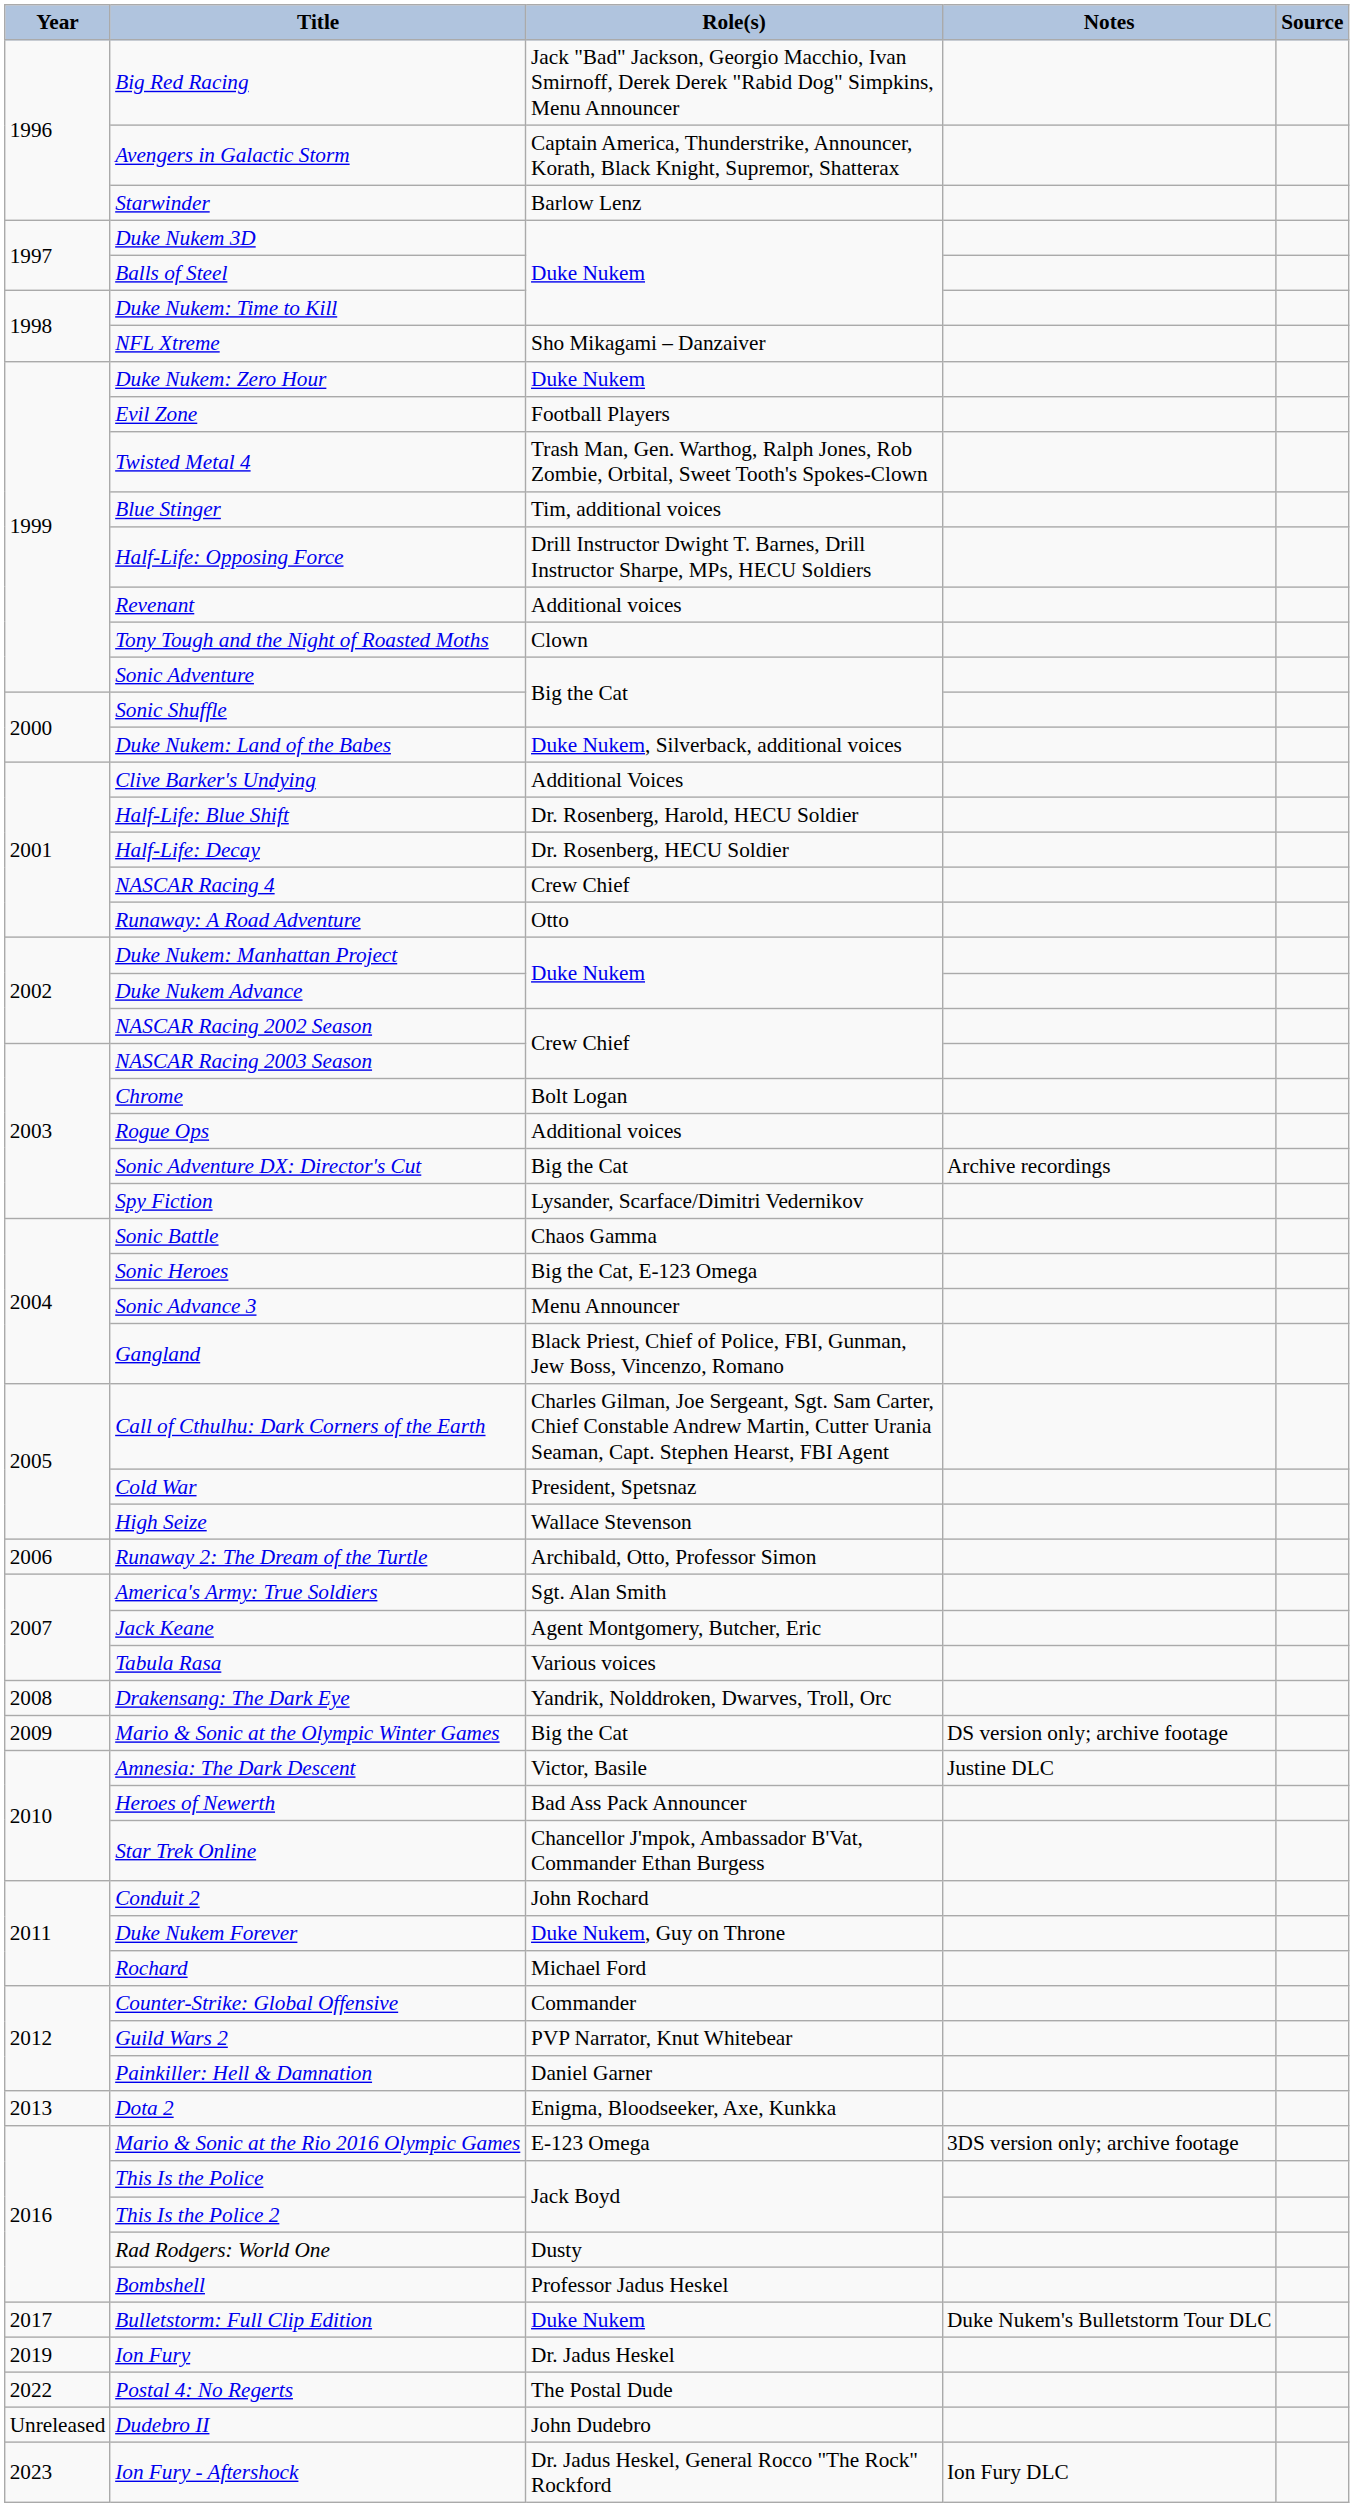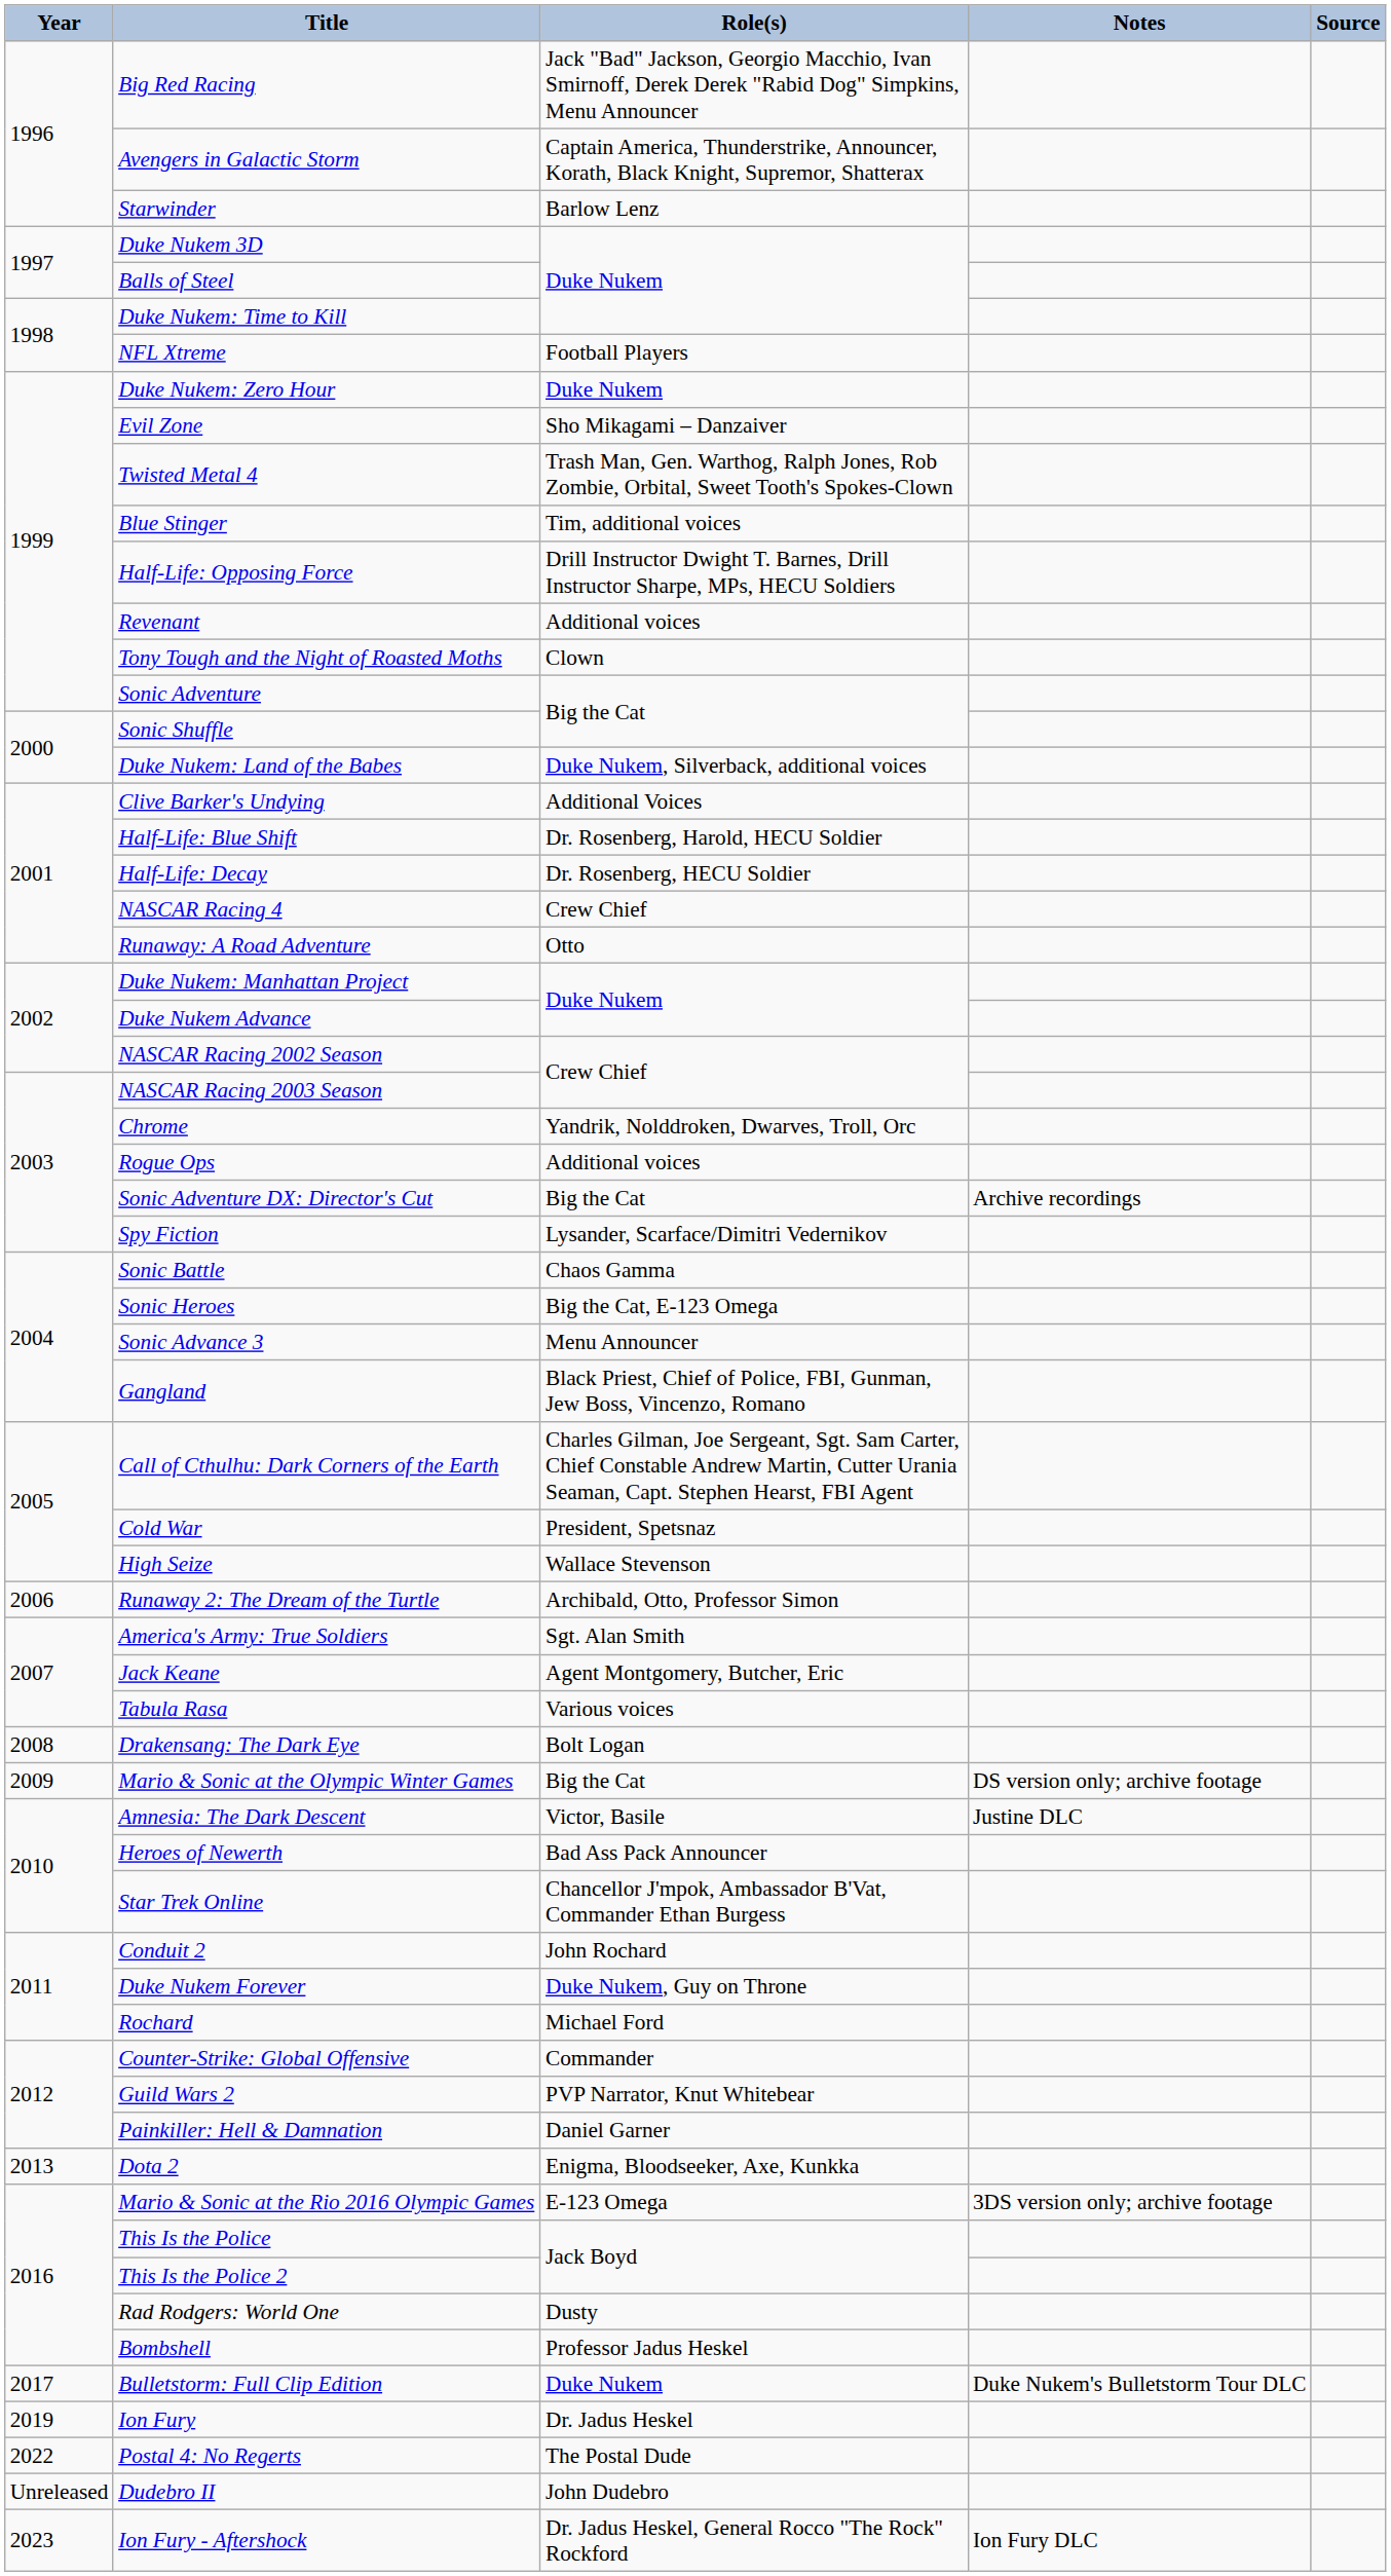 <table class="wikitable sortable plainrowheaders" style="width=95%; font-size: 95%;">
 <tr>
 <th style="background:#b0c4de; width:60px;">Year</th>
 <th style="background:#b0c4de; width:290px;">Title</th>
 <th style="background:#b0c4de; width:290px;">Role(s)</th>
 <th style="background:#b0c4de;" class="unsortable">Notes</th>
 <th style="background:#b0c4de;">Source</th>
 </tr>
 <tr>
 <td rowspan="3">1996</td>
 <td><em><a href='#'>Big Red Racing</a></em></td>
 <td>Jack "Bad" Jackson, Georgio Macchio, Ivan Smirnoff, Derek Derek "Rabid Dog" Simpkins, Menu Announcer</td>
 <td></td>
 <td></td>
 </tr>
 <tr>
 <td><em><a href='#'>Avengers in Galactic Storm</a></em></td>
 <td>Captain America, Thunderstrike, Announcer, Korath, Black Knight, Supremor, Shatterax</td>
 <td></td>
 <td></td>
 </tr>
 <tr>
 <td><em><a href='#'>Starwinder</a></em></td>
 <td>Barlow Lenz</td>
 <td></td>
 <td></td>
 </tr>
 <tr>
 <td rowspan="2">1997</td>
 <td><em><a href='#'>Duke Nukem 3D</a></em></td>
 <td rowspan="3"><a href='#'>Duke Nukem</a></td>
 <td></td>
 <td></td>
 </tr>
 <tr>
 <td><em><a href='#'>Balls of Steel</a></em></td>
 <td></td>
 <td></td>
 </tr>
 <tr>
 <td rowspan="2">1998</td>
 <td><em><a href='#'>Duke Nukem: Time to Kill</a></em></td>
 <td></td>
 <td></td>
 </tr>
 <tr>
 <td><em><a href='#'>NFL Xtreme</a></em></td>
-<td>Sho Mikagami – Danzaiver</td>
+<td>Football Players</td>
 <td></td>
 <td></td>
 </tr>
 <tr>
 <td rowspan="8">1999</td>
 <td><em><a href='#'>Duke Nukem: Zero Hour</a></em></td>
 <td><a href='#'>Duke Nukem</a></td>
 <td></td>
 <td></td>
 </tr>
 <tr>
 <td><em><a href='#'>Evil Zone</a></em></td>
-<td>Football Players</td>
+<td>Sho Mikagami – Danzaiver</td>
 <td></td>
 <td></td>
 </tr>
 <tr>
 <td><em><a href='#'>Twisted Metal 4</a></em></td>
 <td>Trash Man, Gen. Warthog, Ralph Jones, Rob Zombie, Orbital, Sweet Tooth's Spokes-Clown</td>
 <td></td>
 <td></td>
 </tr>
 <tr>
 <td><em><a href='#'>Blue Stinger</a></em></td>
 <td>Tim, additional voices</td>
 <td></td>
 <td></td>
 </tr>
 <tr>
 <td><em><a href='#'>Half-Life: Opposing Force</a></em></td>
 <td>Drill Instructor Dwight T. Barnes, Drill Instructor Sharpe, MPs, HECU Soldiers</td>
 <td></td>
 <td></td>
 </tr>
 <tr>
 <td><em><a href='#'>Revenant</a></em></td>
 <td>Additional voices</td>
 <td></td>
 <td></td>
 </tr>
 <tr>
 <td><em><a href='#'>Tony Tough and the Night of Roasted Moths</a></em></td>
 <td>Clown</td>
 <td></td>
 <td></td>
 </tr>
 <tr>
 <td><em><a href='#'>Sonic Adventure</a></em></td>
 <td rowspan="2">Big the Cat</td>
 <td></td>
 <td></td>
 </tr>
 <tr>
 <td rowspan="2">2000</td>
 <td><em><a href='#'>Sonic Shuffle</a></em></td>
 <td></td>
 <td></td>
 </tr>
 <tr>
 <td><em><a href='#'>Duke Nukem: Land of the Babes</a></em></td>
 <td><a href='#'>Duke Nukem</a>, Silverback, additional voices</td>
 <td></td>
 <td></td>
 </tr>
 <tr>
 <td rowspan="5">2001</td>
 <td><em><a href='#'>Clive Barker's Undying</a></em></td>
 <td>Additional Voices</td>
 <td></td>
 <td></td>
 </tr>
 <tr>
 <td><em><a href='#'>Half-Life: Blue Shift</a></em></td>
 <td>Dr. Rosenberg, Harold, HECU Soldier</td>
 <td></td>
 <td></td>
 </tr>
 <tr>
 <td><em><a href='#'>Half-Life: Decay</a></em></td>
 <td>Dr. Rosenberg, HECU Soldier</td>
 <td></td>
 <td></td>
 </tr>
 <tr>
 <td><em><a href='#'>NASCAR Racing 4</a></em></td>
 <td>Crew Chief</td>
 <td></td>
 <td></td>
 </tr>
 <tr>
 <td><em><a href='#'>Runaway: A Road Adventure</a></em></td>
 <td>Otto</td>
 <td></td>
 <td></td>
 </tr>
 <tr>
 <td rowspan="3">2002</td>
 <td><em><a href='#'>Duke Nukem: Manhattan Project</a></em></td>
 <td rowspan="2"><a href='#'>Duke Nukem</a></td>
 <td></td>
 <td></td>
 </tr>
 <tr>
 <td><em><a href='#'>Duke Nukem Advance</a></em></td>
 <td></td>
 <td></td>
 </tr>
 <tr>
 <td><em><a href='#'>NASCAR Racing 2002 Season</a></em></td>
 <td rowspan="2">Crew Chief</td>
 <td></td>
 <td></td>
 </tr>
 <tr>
 <td rowspan="5">2003</td>
 <td><em><a href='#'>NASCAR Racing 2003 Season</a></em></td>
 <td></td>
 <td></td>
 </tr>
 <tr>
 <td><em><a href='#'>Chrome</a></em></td>
-<td>Bolt Logan</td>
+<td>Yandrik, Nolddroken, Dwarves, Troll, Orc</td>
 <td></td>
 <td></td>
 </tr>
 <tr>
 <td><em><a href='#'>Rogue Ops</a></em></td>
 <td>Additional voices</td>
 <td></td>
 <td></td>
 </tr>
 <tr>
 <td><em><a href='#'>Sonic Adventure DX: Director's Cut</a></em></td>
 <td>Big the Cat</td>
 <td>Archive recordings</td>
 <td></td>
 </tr>
 <tr>
 <td><em><a href='#'>Spy Fiction</a></em></td>
 <td>Lysander, Scarface/Dimitri Vedernikov</td>
 <td></td>
 <td></td>
 </tr>
 <tr>
 <td rowspan="4">2004</td>
 <td><em><a href='#'>Sonic Battle</a></em></td>
 <td>Chaos Gamma</td>
 <td></td>
 <td></td>
 </tr>
 <tr>
 <td><em><a href='#'>Sonic Heroes</a></em></td>
 <td>Big the Cat, E-123 Omega</td>
 <td></td>
 <td></td>
 </tr>
 <tr>
 <td><em><a href='#'>Sonic Advance 3</a></em></td>
 <td>Menu Announcer</td>
 <td></td>
 <td></td>
 </tr>
 <tr>
 <td><em><a href='#'>Gangland</a></em></td>
 <td>Black Priest, Chief of Police, FBI, Gunman, Jew Boss, Vincenzo, Romano</td>
 <td></td>
 <td></td>
 </tr>
 <tr>
 <td rowspan="3">2005</td>
 <td><em><a href='#'>Call of Cthulhu: Dark Corners of the Earth</a></em></td>
 <td>Charles Gilman, Joe Sergeant, Sgt. Sam Carter, Chief Constable Andrew Martin, Cutter Urania Seaman, Capt. Stephen Hearst, FBI Agent</td>
 <td></td>
 <td></td>
 </tr>
 <tr>
 <td><em><a href='#'>Cold War</a></em></td>
 <td>President, Spetsnaz</td>
 <td></td>
 <td></td>
 </tr>
 <tr>
 <td><em><a href='#'>High Seize</a></em></td>
 <td>Wallace Stevenson</td>
 <td></td>
 <td></td>
 </tr>
 <tr>
 <td>2006</td>
 <td><em><a href='#'>Runaway 2: The Dream of the Turtle</a></em></td>
 <td>Archibald, Otto, Professor Simon</td>
 <td></td>
 <td></td>
 </tr>
 <tr>
 <td rowspan="3">2007</td>
 <td><em><a href='#'>America's Army: True Soldiers</a></em></td>
 <td>Sgt. Alan Smith</td>
 <td></td>
 <td></td>
 </tr>
 <tr>
 <td><em><a href='#'>Jack Keane</a></em></td>
 <td>Agent Montgomery, Butcher, Eric</td>
 <td></td>
 <td></td>
 </tr>
 <tr>
 <td><em><a href='#'>Tabula Rasa</a></em></td>
 <td>Various voices</td>
 <td></td>
 <td></td>
 </tr>
 <tr>
 <td>2008</td>
 <td><em><a href='#'>Drakensang: The Dark Eye</a></em></td>
-<td>Yandrik, Nolddroken, Dwarves, Troll, Orc</td>
+<td>Bolt Logan</td>
 <td></td>
 <td></td>
 </tr>
 <tr>
 <td>2009</td>
 <td><em><a href='#'>Mario & Sonic at the Olympic Winter Games</a></em></td>
 <td>Big the Cat</td>
 <td>DS version only; archive footage</td>
 <td></td>
 </tr>
 <tr>
 <td rowspan="3">2010</td>
 <td><em><a href='#'>Amnesia: The Dark Descent</a></em></td>
 <td>Victor, Basile</td>
 <td>Justine DLC</td>
 <td></td>
 </tr>
 <tr>
 <td><em><a href='#'>Heroes of Newerth</a></em></td>
 <td>Bad Ass Pack Announcer</td>
 <td></td>
 <td></td>
 </tr>
 <tr>
 <td><em><a href='#'>Star Trek Online</a></em></td>
 <td>Chancellor J'mpok, Ambassador B'Vat, Commander Ethan Burgess</td>
 <td></td>
 <td></td>
 </tr>
 <tr>
 <td rowspan="3">2011</td>
 <td><em><a href='#'>Conduit 2</a></em></td>
 <td>John Rochard</td>
 <td></td>
 <td></td>
 </tr>
 <tr>
 <td><em><a href='#'>Duke Nukem Forever</a></em></td>
 <td><a href='#'>Duke Nukem</a>, Guy on Throne</td>
 <td></td>
 <td></td>
 </tr>
 <tr>
 <td><em><a href='#'>Rochard</a></em></td>
 <td>Michael Ford</td>
 <td></td>
 <td></td>
 </tr>
 <tr>
 <td rowspan="3">2012</td>
 <td><em><a href='#'>Counter-Strike: Global Offensive</a></em></td>
 <td>Commander</td>
 <td></td>
 <td></td>
 </tr>
 <tr>
 <td><em><a href='#'>Guild Wars 2</a></em></td>
 <td>PVP Narrator, Knut Whitebear</td>
 <td></td>
 <td></td>
 </tr>
 <tr>
 <td><em><a href='#'>Painkiller: Hell & Damnation</a></em></td>
 <td>Daniel Garner</td>
 <td></td>
 <td></td>
 </tr>
 <tr>
 <td>2013</td>
 <td><em><a href='#'>Dota 2</a></em></td>
 <td>Enigma, Bloodseeker, Axe, Kunkka</td>
 <td></td>
 <td></td>
 </tr>
 <tr>
 <td rowspan="5">2016</td>
 <td><em><a href='#'>Mario & Sonic at the Rio 2016 Olympic Games</a></em></td>
 <td>E-123 Omega</td>
 <td>3DS version only; archive footage</td>
 <td></td>
 </tr>
 <tr>
 <td><em><a href='#'>This Is the Police</a></em></td>
 <td rowspan="2">Jack Boyd</td>
 <td></td>
 <td></td>
 </tr>
 <tr>
 <td><em><a href='#'>This Is the Police 2</a></em></td>
 <td></td>
 <td></td>
 </tr>
 <tr>
 <td><em>Rad Rodgers: World One</em></td>
 <td>Dusty</td>
 <td></td>
 <td></td>
 </tr>
 <tr>
 <td><em><a href='#'>Bombshell</a></em></td>
 <td>Professor Jadus Heskel</td>
 <td></td>
 <td></td>
 </tr>
 <tr>
 <td>2017</td>
 <td><em><a href='#'>Bulletstorm: Full Clip Edition</a></em></td>
 <td><a href='#'>Duke Nukem</a></td>
 <td>Duke Nukem's Bulletstorm Tour DLC</td>
 <td></td>
 </tr>
 <tr>
 <td>2019</td>
 <td><em><a href='#'>Ion Fury</a></em></td>
 <td>Dr. Jadus Heskel</td>
 <td></td>
 <td></td>
 </tr>
 <tr>
 <td>2022</td>
 <td><em><a href='#'>Postal 4: No Regerts</a></em></td>
 <td>The Postal Dude</td>
 <td></td>
 <td></td>
 </tr>
 <tr>
 <td>Unreleased</td>
 <td><em><a href='#'>Dudebro II</a></em></td>
 <td>John Dudebro</td>
 <td></td>
 <td></td>
 </tr>
 <tr>
 <td>2023</td>
 <td><em><a href='#'>Ion Fury - Aftershock</a></em></td>
 <td>Dr. Jadus Heskel, General Rocco "The Rock" Rockford</td>
 <td>Ion Fury DLC</td>
 <td></td>
 </tr>
 </table>
